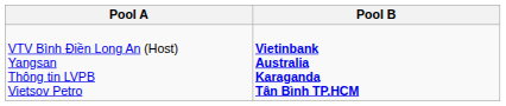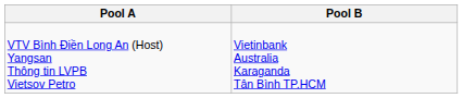 <table class="wikitable" width=50%>
 <tr>
 <th width=50%>Pool A</th>
 <th width=50%>Pool B</th>
 </tr>
 <tr>
 <td><br> <a href='#'>VTV Bình Điền Long An</a> (Host)<br>  <a href='#'>Yangsan</a> <br>  <a href='#'>Thông tin LVPB</a> <br>  <a href='#'>Vietsov Petro</a><br></td>
-<td><strong><br> <a href='#'>Vietinbank</a> <br>    <a href='#'>Australia</a> <br>    <a href='#'>Karaganda </a><br>    <a href='#'>Tân Bình TP.HCM</a><br></strong></td>
+<td><br> <a href='#'>Vietinbank</a> <br>    <a href='#'>Australia</a> <br>    <a href='#'>Karaganda </a><br>    <a href='#'>Tân Bình TP.HCM</a><br></td>
 </tr>
 </table>
